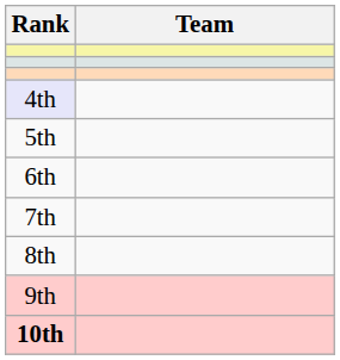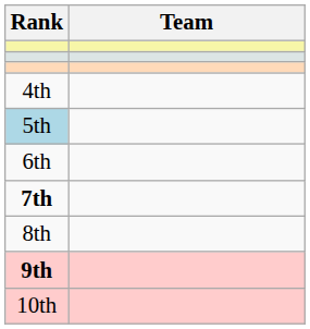 <table class="wikitable" style="text-align:center">
 <tr>
 <th width=30>Rank</th>
 <th width=160>Team</th>
 </tr>
 <tr bgcolor="#F7F6A8">
 <td></td>
 <td align=left></td>
 </tr>
 <tr bgcolor="#DCE5E5">
 <td></td>
 <td align=left></td>
 </tr>
 <tr bgcolor="#FFDAB9">
 <td></td>
 <td align=left></td>
 </tr>
 <tr>
-<td style="background: lavender;">4th</td>
+<td>4th</td>
 <td align=left></td>
 </tr>
 <tr>
-<td>5th</td>
+<td style="background: lightblue;">5th</td>
 <td align=left></td>
 </tr>
 <tr>
 <td>6th</td>
 <td align=left></td>
 </tr>
 <tr>
-<td>7th</td>
+<td><strong>7th</strong></td>
 <td align=left></td>
 </tr>
 <tr>
 <td>8th</td>
 <td align=left></td>
 </tr>
 <tr bgcolor="#ffcccc">
-<td>9th</td>
+<td><strong>9th</strong></td>
 <td align=left></td>
 </tr>
 <tr bgcolor="#ffcccc">
-<td><strong>10th</strong></td>
+<td>10th</td>
 <td align=left></td>
 </tr>
 </table>
